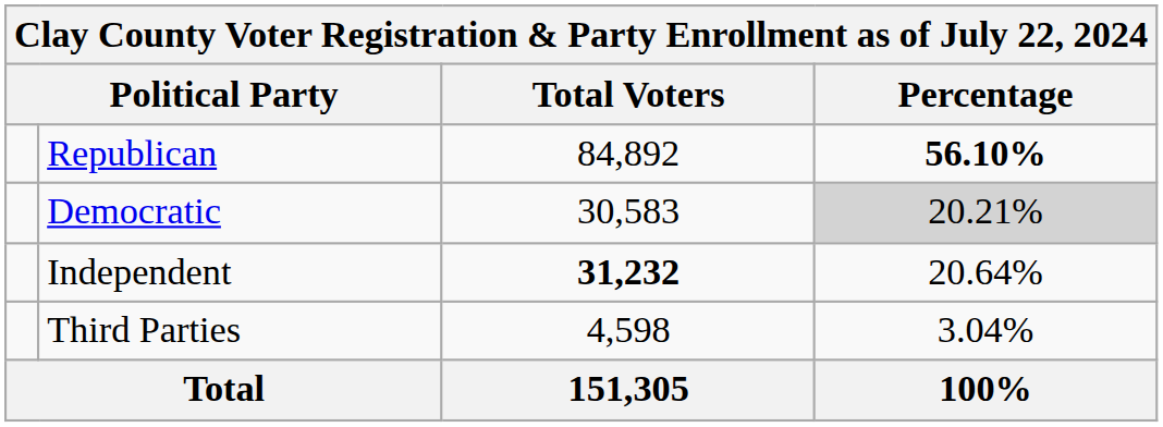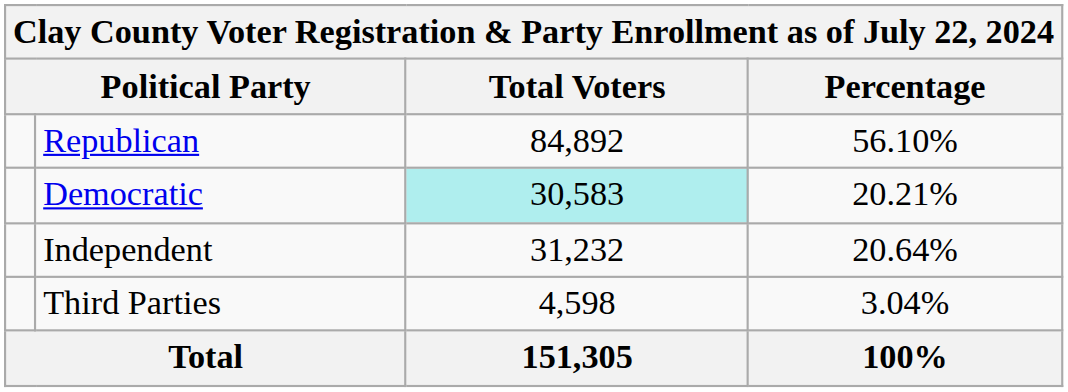 <table class=wikitable>
 <tr>
 <th colspan = 6>Clay County Voter Registration & Party Enrollment as of July 22, 2024</th>
 </tr>
 <tr>
 <th colspan = 2>Political Party</th>
 <th>Total Voters</th>
 <th>Percentage</th>
 </tr>
 <tr>
 <td></td>
 <td><a href='#'>Republican</a></td>
 <td align = center>84,892</td>
-<td align = center><strong>56.10%</strong></td>
+<td align = center>56.10%</td>
 </tr>
 <tr>
 <td></td>
 <td><a href='#'>Democratic</a></td>
-<td align = center>30,583</td>
-<td align = center style="background: lightgrey;">20.21%</td>
+<td align = center style="background: paleturquoise;">30,583</td>
+<td align = center>20.21%</td>
 </tr>
 <tr>
 <td></td>
 <td>Independent</td>
-<td align = center><strong>31,232</strong></td>
+<td align = center>31,232</td>
 <td align = center>20.64%</td>
 </tr>
 <tr>
 <td></td>
 <td>Third Parties</td>
 <td align = center>4,598</td>
 <td align = center>3.04%</td>
 </tr>
 <tr>
 <th colspan = 2>Total</th>
 <th align = center>151,305</th>
 <th align = center>100%</th>
 </tr>
 </table>
